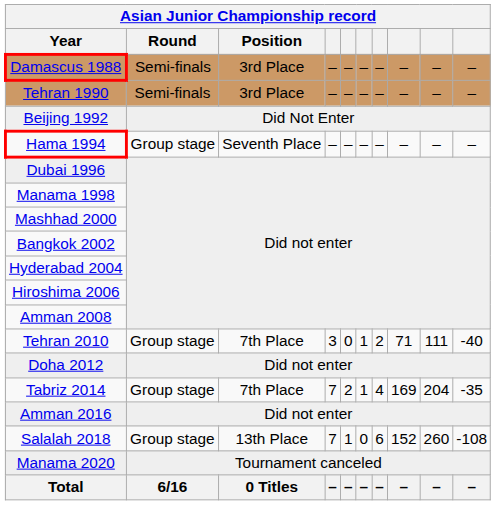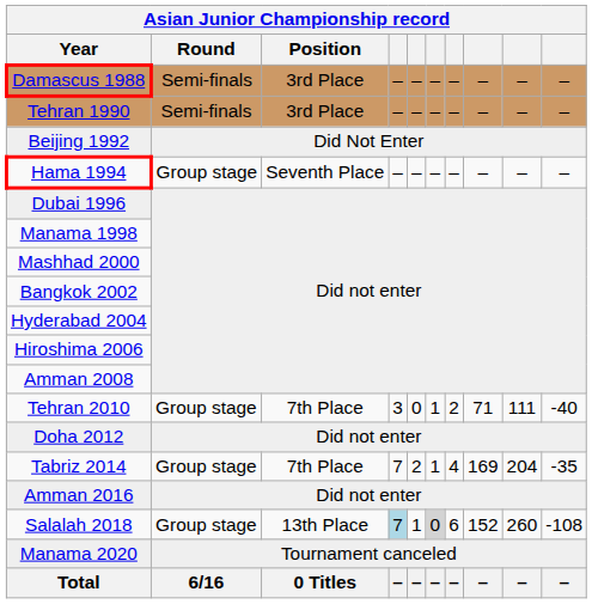 <table class="wikitable" style="text-align: center;">
 <tr>
 <th colspan=10><a href='#'>Asian Junior Championship record</a></th>
 </tr>
 <tr>
 <th>Year</th>
 <th>Round</th>
 <th>Position</th>
 <th></th>
 <th></th>
 <th></th>
 <th></th>
 <th></th>
 <th></th>
 <th></th>
 </tr>
 <tr bgcolor=cc9966>
 <td style="border: 3px solid red"> <a href='#'>Damascus 1988</a></td>
 <td>Semi-finals</td>
 <td>3rd Place</td>
 <td>–</td>
 <td>–</td>
 <td>–</td>
 <td>–</td>
 <td>–</td>
 <td>–</td>
 <td>–</td>
 </tr>
 <tr bgcolor=cc9966>
 <td> <a href='#'>Tehran 1990</a></td>
 <td>Semi-finals</td>
 <td>3rd Place</td>
 <td>–</td>
 <td>–</td>
 <td>–</td>
 <td>–</td>
 <td>–</td>
 <td>–</td>
 <td>–</td>
 </tr>
 <tr bgcolor="efefef">
 <td> <a href='#'>Beijing 1992</a></td>
 <td colspan=9 rowspan=1 align=center>Did Not Enter</td>
 </tr>
 <tr bgcolor=>
 <td style="border: 3px solid red"> <a href='#'>Hama 1994</a></td>
 <td>Group  stage</td>
 <td>Seventh Place</td>
 <td>–</td>
 <td>–</td>
 <td>–</td>
 <td>–</td>
 <td>–</td>
 <td>–</td>
 <td>–</td>
 </tr>
 <tr bgcolor="efefef">
 <td> <a href='#'>Dubai 1996</a></td>
 <td colspan=9 rowspan=7 align=center>Did not enter</td>
 </tr>
 <tr bgcolor=>
 <td> <a href='#'>Manama 1998</a></td>
 </tr>
 <tr bgcolor=>
 <td> <a href='#'>Mashhad 2000</a></td>
 </tr>
 <tr bgcolor=>
 <td> <a href='#'>Bangkok 2002</a></td>
 </tr>
 <tr bgcolor=>
 <td> <a href='#'>Hyderabad 2004</a></td>
 </tr>
 <tr bgcolor=>
 <td> <a href='#'>Hiroshima 2006</a></td>
 </tr>
 <tr bgcolor=>
 <td> <a href='#'>Amman 2008</a></td>
 </tr>
 <tr bgcolor=>
 <td> <a href='#'>Tehran 2010</a></td>
 <td>Group stage</td>
 <td>7th Place</td>
 <td>3</td>
 <td>0</td>
 <td>1</td>
 <td>2</td>
 <td>71</td>
 <td>111</td>
 <td>-40</td>
 </tr>
 <tr bgcolor="efefef">
 <td> <a href='#'>Doha 2012</a></td>
 <td colspan=9 rowspan=1 align=center>Did not enter</td>
 </tr>
 <tr bgcolor=>
 <td> <a href='#'>Tabriz 2014</a></td>
 <td>Group stage</td>
 <td>7th Place</td>
 <td>7</td>
 <td>2</td>
 <td>1</td>
 <td>4</td>
 <td>169</td>
 <td>204</td>
 <td>-35</td>
 </tr>
 <tr bgcolor= "efefef">
 <td> <a href='#'>Amman 2016</a></td>
 <td colspan=9 rowspan=1 align=center>Did not enter</td>
 </tr>
 <tr>
 <td> <a href='#'>Salalah 2018</a></td>
 <td>Group stage</td>
 <td>13th Place</td>
-<td>7</td>
+<td style="background: lightblue;">7</td>
 <td>1</td>
-<td>0</td>
+<td style="background: lightgrey;">0</td>
 <td>6</td>
 <td>152</td>
 <td>260</td>
 <td>-108</td>
 </tr>
 <tr bgcolor= "efefef">
 <td> <a href='#'>Manama 2020</a></td>
 <td colspan=9 align=center>Tournament canceled</td>
 </tr>
 <tr>
 <th>Total</th>
 <th>6/16</th>
 <th>0 Titles</th>
 <th>–</th>
 <th>–</th>
 <th>–</th>
 <th>–</th>
 <th>–</th>
 <th>–</th>
 <th>–</th>
 </tr>
 </table>
